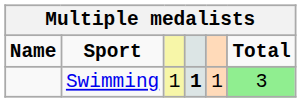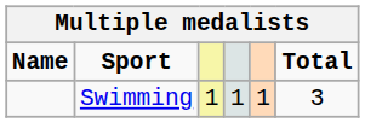 <table class="wikitable" style="font-size:85%; float:right;">
 <tr style="background:#efefef;">
 <th colspan=7>Multiple medalists</th>
 </tr>
 <tr align=center>
 <td><strong>Name</strong></td>
 <td><strong>Sport</strong></td>
 <td style="background:#f7f6a8;"></td>
 <td style="background:#dce5e5;"></td>
 <td style="background:#ffdab9;"></td>
 <td><strong>Total</strong></td>
 </tr>
 <tr align=center>
 <td></td>
 <td><a href='#'>Swimming</a></td>
 <td style="background:#f7f6a8;">1</td>
-<td style="background:#dce5e5;"><strong>1</strong></td>
+<td style="background:#dce5e5;">1</td>
 <td style="background:#ffdab9;">1</td>
-<td style="background: lightgreen;">3</td>
+<td>3</td>
 </tr>
 </table>
